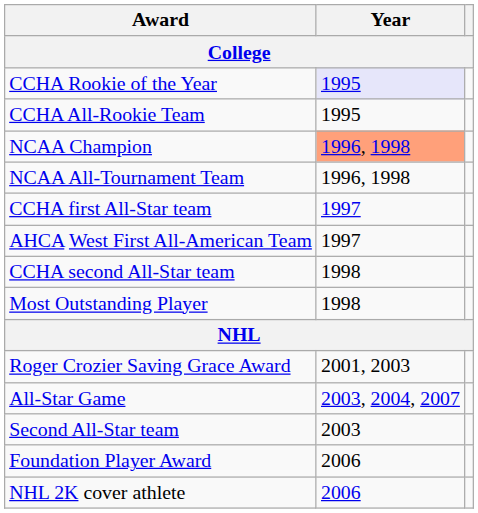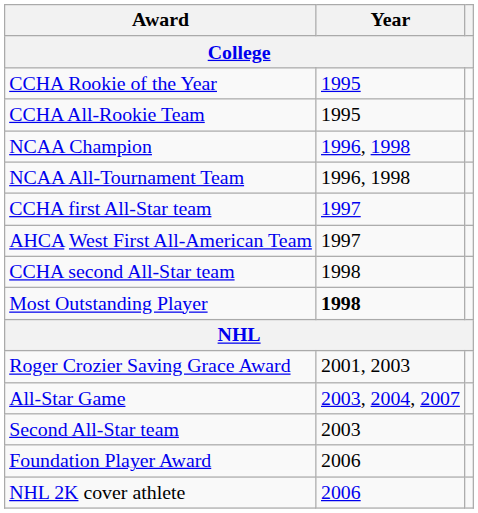 <table class="wikitable">
 <tr>
 <th>Award</th>
 <th>Year</th>
 <th></th>
 </tr>
 <tr ALIGN="center" bgcolor="#e0e0e0">
 <th colspan="3"><strong><a href='#'>College</a></strong></th>
 </tr>
 <tr>
 <td><a href='#'>CCHA Rookie of the Year</a></td>
-<td style="background: lavender;"><a href='#'>1995</a></td>
+<td><a href='#'>1995</a></td>
 <td></td>
 </tr>
 <tr>
 <td><a href='#'>CCHA All-Rookie Team</a></td>
 <td>1995</td>
 <td></td>
 </tr>
 <tr>
 <td><a href='#'>NCAA Champion</a></td>
-<td style="background: lightsalmon;"><a href='#'>1996</a>, <a href='#'>1998</a></td>
+<td><a href='#'>1996</a>, <a href='#'>1998</a></td>
 <td></td>
 </tr>
 <tr>
 <td><a href='#'>NCAA All-Tournament Team</a></td>
 <td>1996, 1998</td>
 <td></td>
 </tr>
 <tr>
 <td><a href='#'>CCHA first All-Star team</a></td>
 <td><a href='#'>1997</a></td>
 <td></td>
 </tr>
 <tr>
 <td><a href='#'>AHCA</a> <a href='#'>West First All-American Team</a></td>
 <td>1997</td>
 <td></td>
 </tr>
 <tr>
 <td><a href='#'>CCHA second All-Star team</a></td>
 <td>1998</td>
 <td></td>
 </tr>
 <tr>
 <td><a href='#'>Most Outstanding Player</a></td>
-<td>1998</td>
+<td><strong>1998</strong></td>
 <td></td>
 </tr>
 <tr ALIGN="center" bgcolor="#e0e0e0">
 <th colspan="3"><strong><a href='#'>NHL</a></strong></th>
 </tr>
 <tr>
 <td><a href='#'>Roger Crozier Saving Grace Award</a></td>
 <td>2001, 2003</td>
 <td></td>
 </tr>
 <tr>
 <td><a href='#'>All-Star Game</a></td>
 <td><a href='#'>2003</a>, <a href='#'>2004</a>, <a href='#'>2007</a></td>
 <td></td>
 </tr>
 <tr>
 <td><a href='#'>Second All-Star team</a></td>
 <td>2003</td>
 <td></td>
 </tr>
 <tr>
 <td><a href='#'>Foundation Player Award</a></td>
 <td>2006</td>
 <td></td>
 </tr>
 <tr>
 <td><a href='#'>NHL 2K</a> cover athlete</td>
 <td><a href='#'>2006</a></td>
 <td></td>
 </tr>
 </table>
